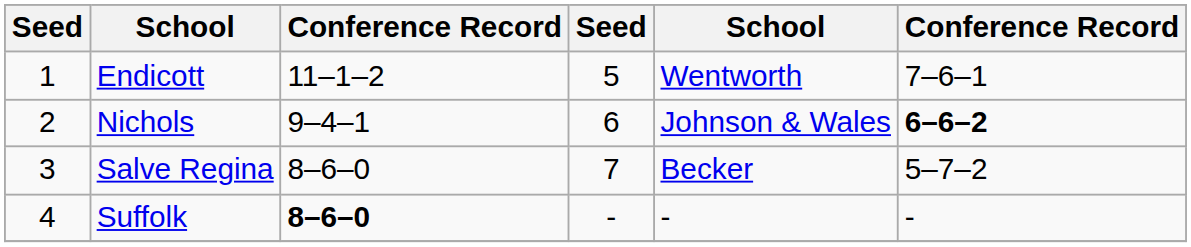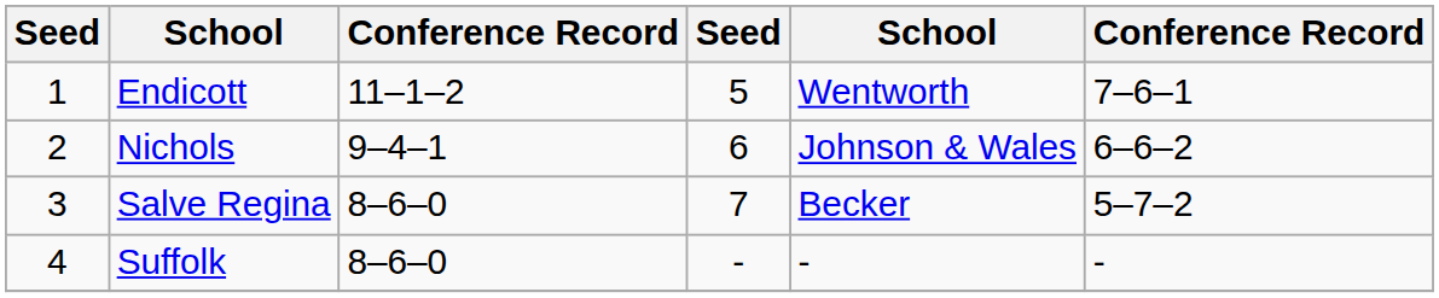 <table class="wikitable">
 <tr>
 <th>Seed</th>
 <th>School</th>
 <th>Conference Record</th>
 <th>Seed</th>
 <th>School</th>
 <th>Conference Record</th>
 </tr>
 <tr>
 <td align=center>1</td>
 <td><a href='#'>Endicott</a></td>
 <td>11–1–2</td>
 <td align=center>5</td>
 <td><a href='#'>Wentworth</a></td>
 <td>7–6–1</td>
 </tr>
 <tr>
 <td align=center>2</td>
 <td><a href='#'>Nichols</a></td>
 <td>9–4–1</td>
 <td align=center>6</td>
 <td><a href='#'>Johnson & Wales</a></td>
-<td><strong>6–6–2</strong></td>
+<td>6–6–2</td>
 </tr>
 <tr>
 <td align=center>3</td>
 <td><a href='#'>Salve Regina</a></td>
 <td>8–6–0</td>
 <td align=center>7</td>
 <td><a href='#'>Becker</a></td>
 <td>5–7–2</td>
 </tr>
 <tr>
 <td align=center>4</td>
 <td><a href='#'>Suffolk</a></td>
-<td><strong>8–6–0</strong></td>
+<td>8–6–0</td>
 <td align=center>-</td>
 <td>-</td>
 <td>-</td>
 </tr>
 <tr>
 </tr>
 </table>
